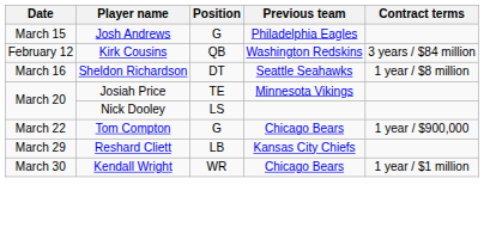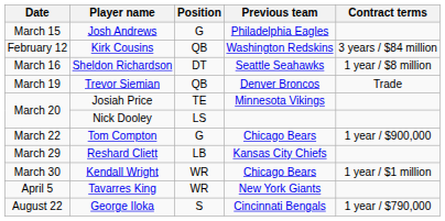 <table class="wikitable" style="text-align:center">
 <tr>
 <th>Date</th>
 <th>Player name</th>
 <th>Position</th>
 <th>Previous team</th>
 <th>Contract terms</th>
 </tr>
 <tr>
 <td>March 15</td>
 <td><a href='#'>Josh Andrews</a></td>
 <td>G</td>
 <td><a href='#'>Philadelphia Eagles</a></td>
 <td></td>
 </tr>
 <tr>
 <td>February 12</td>
 <td><a href='#'>Kirk Cousins</a></td>
 <td>QB</td>
 <td><a href='#'>Washington Redskins</a></td>
 <td>3 years / $84 million</td>
 </tr>
 <tr>
 <td>March 16</td>
 <td><a href='#'>Sheldon Richardson</a></td>
 <td>DT</td>
 <td><a href='#'>Seattle Seahawks</a></td>
 <td>1 year / $8 million</td>
+</tr>
+<tr>
+<td>March 19</td>
+<td><a href='#'>Trevor Siemian</a></td>
+<td>QB</td>
+<td><a href='#'>Denver Broncos</a></td>
+<td>Trade</td>
 </tr>
 <tr>
 <td rowspan="2">March 20</td>
 <td>Josiah Price</td>
 <td>TE</td>
 <td><a href='#'>Minnesota Vikings</a></td>
 <td></td>
 </tr>
 <tr>
 <td>Nick Dooley</td>
 <td>LS</td>
 <td></td>
 <td></td>
 </tr>
 <tr>
 <td>March 22</td>
 <td><a href='#'>Tom Compton</a></td>
 <td>G</td>
 <td><a href='#'>Chicago Bears</a></td>
 <td>1 year / $900,000</td>
 </tr>
 <tr>
 <td>March 29</td>
 <td><a href='#'>Reshard Cliett</a></td>
 <td>LB</td>
 <td><a href='#'>Kansas City Chiefs</a></td>
 <td></td>
 </tr>
 <tr>
 <td>March 30</td>
 <td><a href='#'>Kendall Wright</a></td>
 <td>WR</td>
 <td><a href='#'>Chicago Bears</a></td>
 <td>1 year / $1 million</td>
 </tr>
+<tr>
+<td>April 5</td>
+<td><a href='#'>Tavarres King</a></td>
+<td>WR</td>
+<td><a href='#'>New York Giants</a></td>
+<td></td>
+</tr>
+<tr>
+<td>August 22</td>
+<td><a href='#'>George Iloka</a></td>
+<td>S</td>
+<td><a href='#'>Cincinnati Bengals</a></td>
+<td>1 year / $790,000</td>
+</tr>
 </table>
